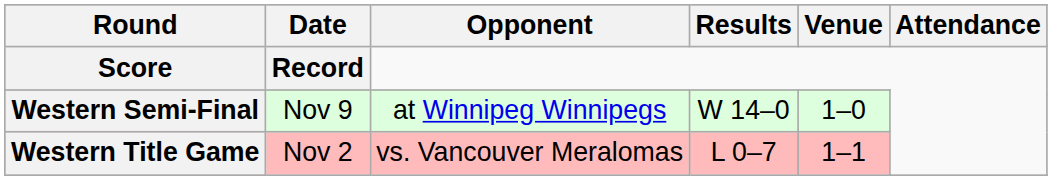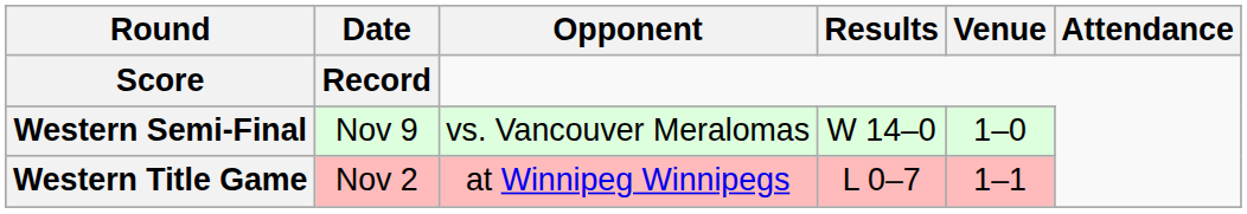 <table class="wikitable" style="text-align:center">
 <tr>
 <th>Round</th>
 <th>Date</th>
 <th>Opponent</th>
 <th>Results</th>
 <th>Venue</th>
 <th>Attendance</th>
 </tr>
 <tr>
 <th>Score</th>
 <th>Record</th>
 </tr>
 <tr style="background:#ddffdd">
 <th>Western Semi-Final</th>
 <td>Nov 9</td>
-<td>at <a href='#'>Winnipeg Winnipegs</a></td>
+<td>vs. Vancouver Meralomas</td>
 <td>W 14–0</td>
 <td>1–0</td>
 </tr>
 <tr style="background:#ffbbbb">
 <th>Western Title Game</th>
 <td>Nov 2</td>
-<td>vs. Vancouver Meralomas</td>
+<td>at <a href='#'>Winnipeg Winnipegs</a></td>
 <td>L 0–7</td>
 <td>1–1</td>
 </tr>
 </table>
